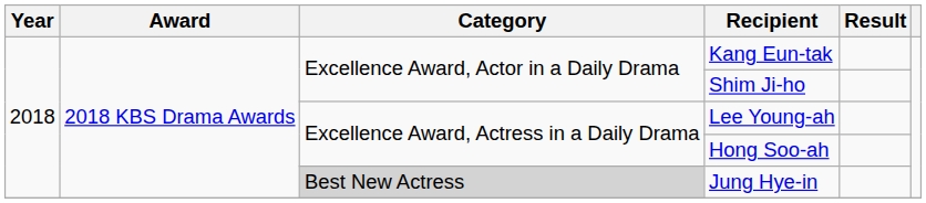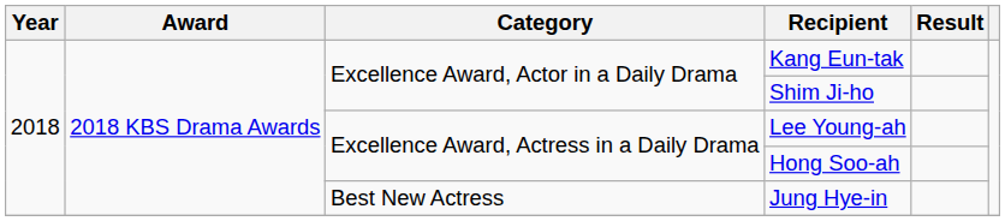 <table class="wikitable">
 <tr>
 <th>Year</th>
 <th>Award</th>
 <th>Category</th>
 <th>Recipient</th>
 <th>Result</th>
 <th></th>
 </tr>
 <tr>
 <td rowspan=5>2018</td>
 <td rowspan=5><a href='#'>2018 KBS Drama Awards</a></td>
 <td rowspan=2>Excellence Award, Actor in a Daily Drama</td>
 <td><a href='#'>Kang Eun-tak</a></td>
 <td></td>
 <td rowspan="5"></td>
 </tr>
 <tr>
 <td><a href='#'>Shim Ji-ho</a></td>
 <td></td>
 </tr>
 <tr>
 <td rowspan=2>Excellence Award, Actress in a Daily Drama</td>
 <td><a href='#'>Lee Young-ah</a></td>
 <td></td>
 </tr>
 <tr>
 <td><a href='#'>Hong Soo-ah</a></td>
 <td></td>
 </tr>
 <tr>
-<td style="background: lightgrey;">Best New Actress</td>
+<td>Best New Actress</td>
 <td><a href='#'>Jung Hye-in</a></td>
 <td></td>
 </tr>
 <tr>
 </tr>
 </table>
